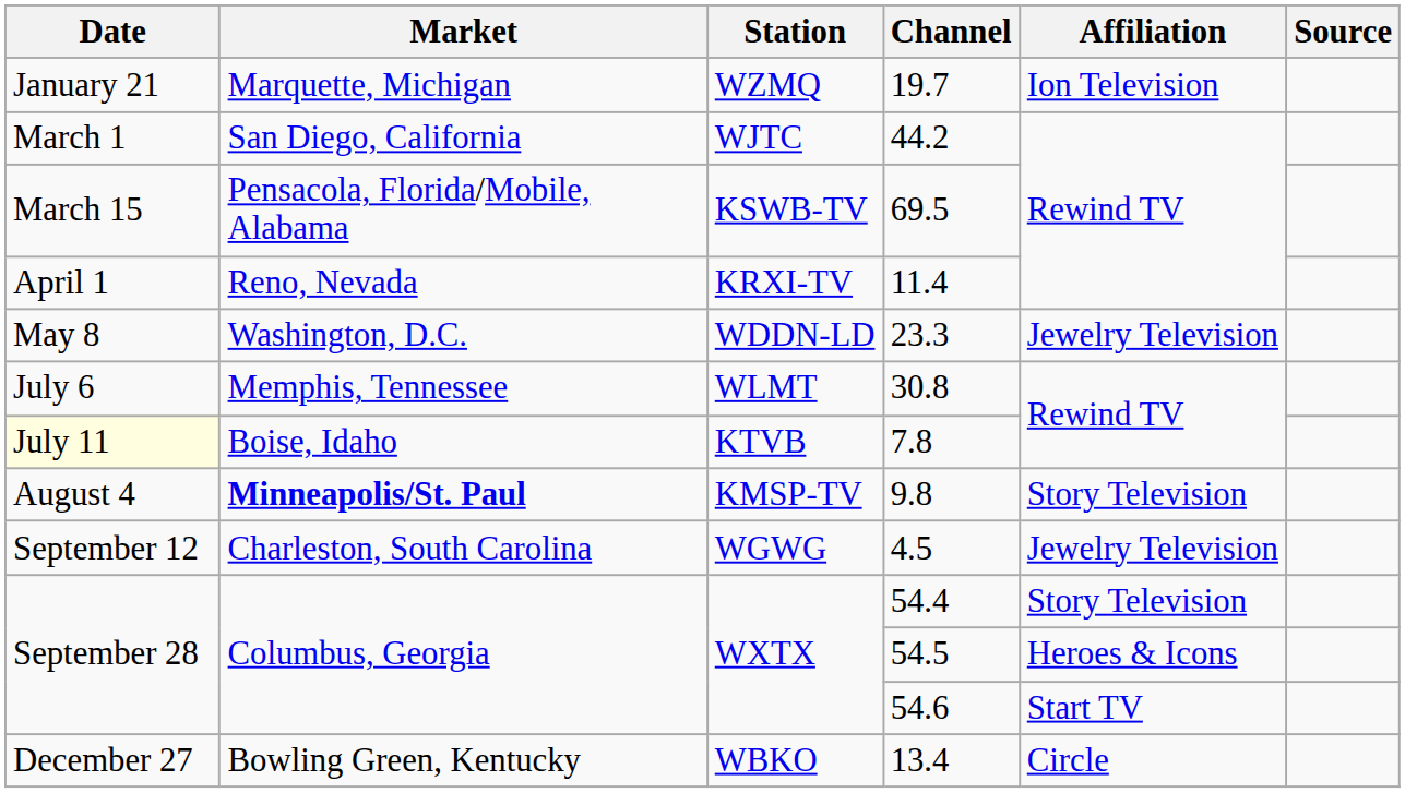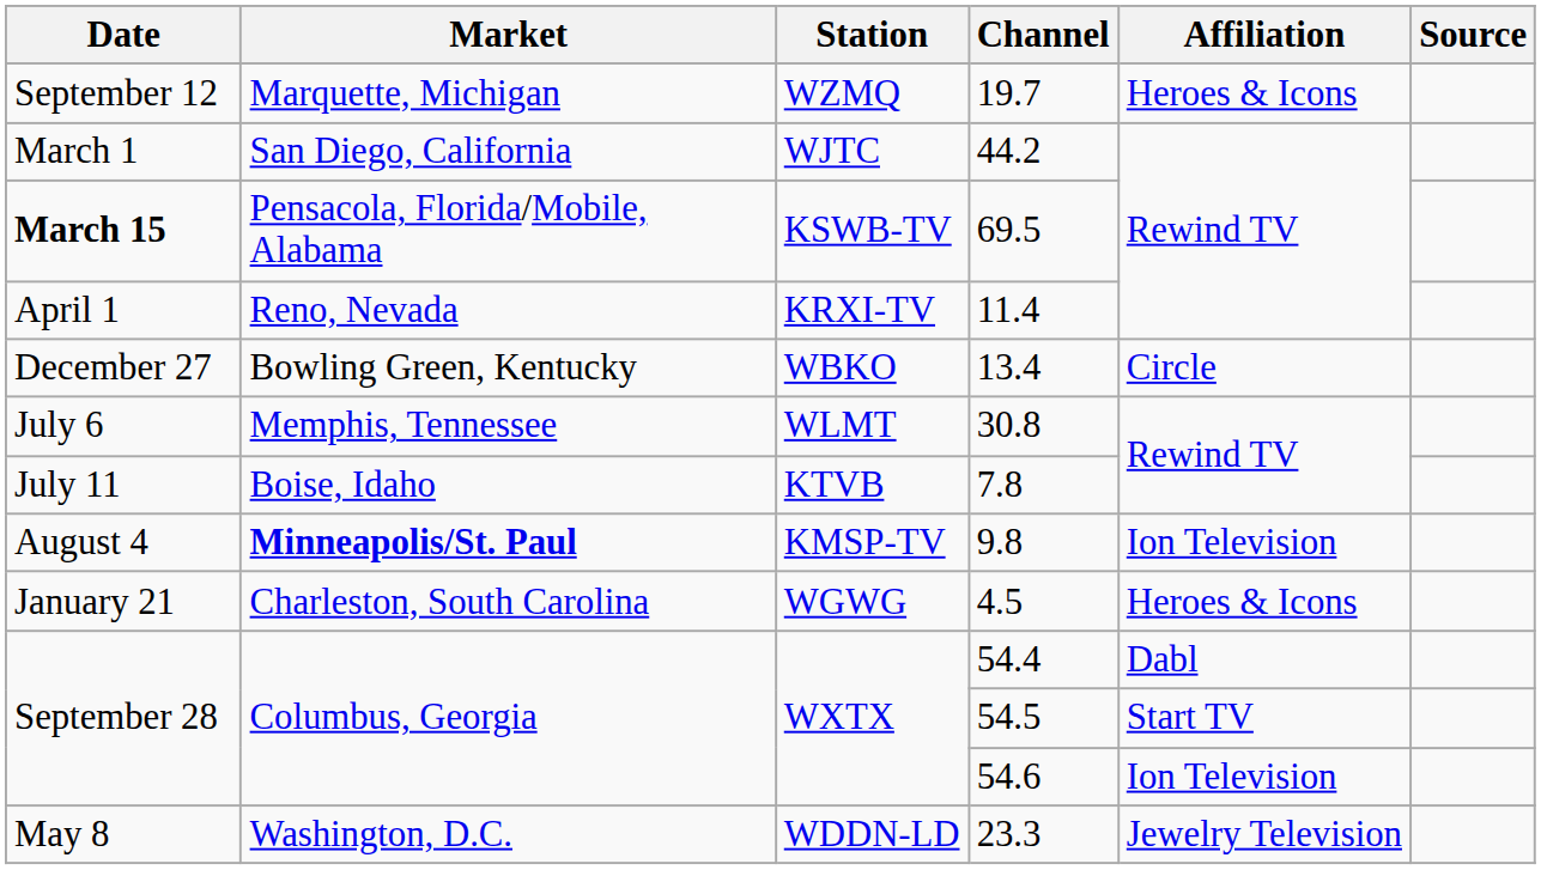 <table class="wikitable">
 <tr>
 <th style="text-align:center; width:95px;">Date</th>
 <th style="text-align:center; width:225px;">Market</th>
 <th style="text-align:center; width=75px;">Station</th>
 <th style="text-align:center; width=30px;">Channel</th>
 <th style="text-align:center; width=225px;">Affiliation</th>
 <th style="text-align:center;">Source</th>
 </tr>
 <tr>
-<td>January 21</td>
+<td>September 12</td>
 <td><a href='#'>Marquette, Michigan</a></td>
 <td><a href='#'>WZMQ</a></td>
 <td>19.7</td>
-<td><a href='#'>Ion Television</a></td>
+<td><a href='#'>Heroes & Icons</a></td>
 <td></td>
 </tr>
 <tr>
 <td>March 1</td>
 <td><a href='#'>San Diego, California</a></td>
 <td><a href='#'>WJTC</a></td>
 <td>44.2</td>
 <td rowspan=3><a href='#'>Rewind TV</a></td>
 <td></td>
 </tr>
 <tr>
-<td>March 15</td>
+<td><strong>March 15</strong></td>
 <td><a href='#'>Pensacola, Florida</a>/<a href='#'>Mobile, Alabama</a></td>
 <td><a href='#'>KSWB-TV</a></td>
 <td>69.5</td>
 <td></td>
 </tr>
 <tr>
 <td>April 1</td>
 <td><a href='#'>Reno, Nevada</a></td>
 <td><a href='#'>KRXI-TV</a></td>
 <td>11.4</td>
 <td></td>
 </tr>
 <tr>
-<td>May 8</td>
-<td><a href='#'>Washington, D.C.</a></td>
-<td><a href='#'>WDDN-LD</a></td>
-<td>23.3</td>
-<td><a href='#'>Jewelry Television</a></td>
+<td>December 27</td>
+<td>Bowling Green, Kentucky</td>
+<td><a href='#'>WBKO</a></td>
+<td>13.4</td>
+<td><a href='#'>Circle</a></td>
 <td></td>
 </tr>
 <tr>
 <td>July 6</td>
 <td><a href='#'>Memphis, Tennessee</a></td>
 <td><a href='#'>WLMT</a></td>
 <td>30.8</td>
 <td rowspan=2><a href='#'>Rewind TV</a></td>
 <td></td>
 </tr>
 <tr>
-<td style="background: lightyellow;">July 11</td>
+<td>July 11</td>
 <td><a href='#'>Boise, Idaho</a></td>
 <td><a href='#'>KTVB</a></td>
 <td>7.8</td>
 <td></td>
 </tr>
 <tr>
 <td>August 4</td>
 <td><strong><a href='#'>Minneapolis/St. Paul</a></strong></td>
 <td><a href='#'>KMSP-TV</a></td>
 <td>9.8</td>
-<td><a href='#'>Story Television</a></td>
+<td><a href='#'>Ion Television</a></td>
 <td></td>
 </tr>
 <tr>
-<td>September 12</td>
+<td>January 21</td>
 <td><a href='#'>Charleston, South Carolina</a></td>
 <td><a href='#'>WGWG</a></td>
 <td>4.5</td>
-<td><a href='#'>Jewelry Television</a></td>
+<td><a href='#'>Heroes & Icons</a></td>
 <td></td>
 </tr>
 <tr>
 <td rowspan="3">September 28</td>
 <td rowspan="3"><a href='#'>Columbus, Georgia</a></td>
 <td rowspan="3"><a href='#'>WXTX</a></td>
 <td>54.4</td>
-<td><a href='#'>Story Television</a></td>
+<td><a href='#'>Dabl</a></td>
 <td></td>
 </tr>
 <tr>
 <td>54.5</td>
-<td><a href='#'>Heroes & Icons</a></td>
+<td><a href='#'>Start TV</a></td>
 <td></td>
 </tr>
 <tr>
 <td>54.6</td>
-<td><a href='#'>Start TV</a></td>
+<td><a href='#'>Ion Television</a></td>
 <td></td>
 </tr>
 <tr>
-<td>December 27</td>
-<td>Bowling Green, Kentucky</td>
-<td><a href='#'>WBKO</a></td>
-<td>13.4</td>
-<td><a href='#'>Circle</a></td>
+<td>May 8</td>
+<td><a href='#'>Washington, D.C.</a></td>
+<td><a href='#'>WDDN-LD</a></td>
+<td>23.3</td>
+<td><a href='#'>Jewelry Television</a></td>
 <td></td>
 </tr>
 </table>
